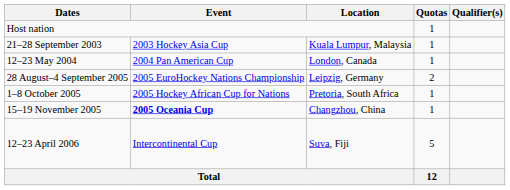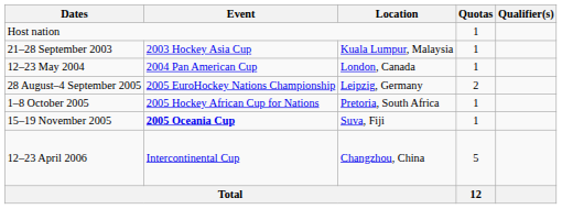 <table class=wikitable>
 <tr>
 <th>Dates</th>
 <th>Event</th>
 <th>Location</th>
 <th>Quotas</th>
 <th>Qualifier(s)</th>
 </tr>
 <tr>
 <td colspan=3>Host nation</td>
 <td align=center>1</td>
 <td></td>
 </tr>
 <tr>
 <td>21–28 September 2003</td>
 <td><a href='#'>2003 Hockey Asia Cup</a></td>
 <td><a href='#'>Kuala Lumpur</a>, Malaysia</td>
 <td align=center>1</td>
 <td></td>
 </tr>
 <tr>
 <td>12–23 May 2004</td>
 <td><a href='#'>2004 Pan American Cup</a></td>
 <td><a href='#'>London</a>, Canada</td>
 <td align=center>1</td>
 <td></td>
 </tr>
 <tr>
 <td>28 August–4 September 2005</td>
 <td><a href='#'>2005 EuroHockey Nations Championship</a></td>
 <td><a href='#'>Leipzig</a>, Germany</td>
 <td align=center>2</td>
 <td><br></td>
 </tr>
 <tr>
 <td>1–8 October 2005</td>
 <td><a href='#'>2005 Hockey African Cup for Nations</a></td>
 <td><a href='#'>Pretoria</a>, South Africa</td>
 <td align=center>1</td>
 <td></td>
 </tr>
 <tr>
 <td>15–19 November 2005</td>
 <td><strong><a href='#'>2005 Oceania Cup</a></strong></td>
-<td><a href='#'>Changzhou</a>, China</td>
+<td><a href='#'>Suva</a>, Fiji</td>
 <td align=center>1</td>
 <td></td>
 </tr>
 <tr>
 <td>12–23 April 2006</td>
 <td><a href='#'>Intercontinental Cup</a></td>
-<td><a href='#'>Suva</a>, Fiji</td>
+<td><a href='#'>Changzhou</a>, China</td>
 <td align=center>5</td>
 <td><br><br><br><br></td>
 </tr>
 <tr>
 <th colspan=3>Total</th>
 <th>12</th>
 <th></th>
 </tr>
 </table>
